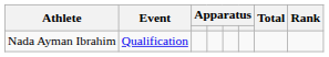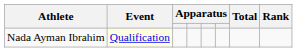 <table class="wikitable" style="font-size:90%">
 <tr>
 <th rowspan=2>Athlete</th>
 <th rowspan=2>Event</th>
 <th colspan =4>Apparatus</th>
 <th rowspan=2>Total</th>
 <th rowspan=2>Rank</th>
 </tr>
 <tr style="font-size:95%">
 <th></th>
 <th></th>
 <th></th>
 <th></th>
 </tr>
 <tr align=center>
 <td align=left>Nada Ayman Ibrahim</td>
-<td align=left><a href='#'>Qualification</a></td>
+<td align=left style="background: lightyellow;"><a href='#'>Qualification</a></td>
 <td></td>
 <td></td>
 <td></td>
 <td></td>
 <td></td>
 <td></td>
 </tr>
 </table>
